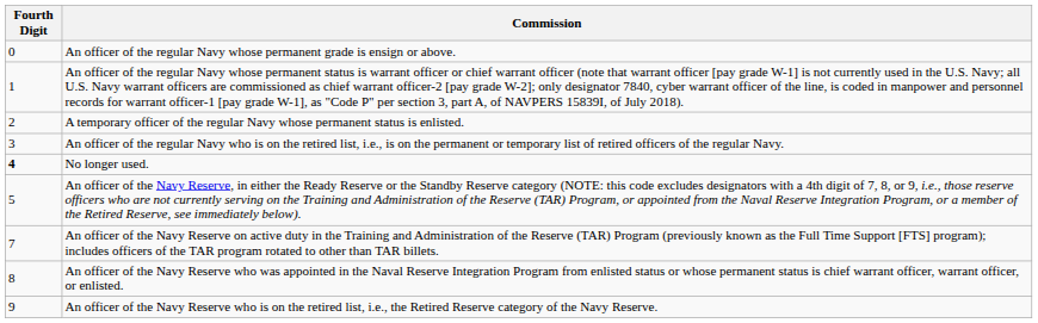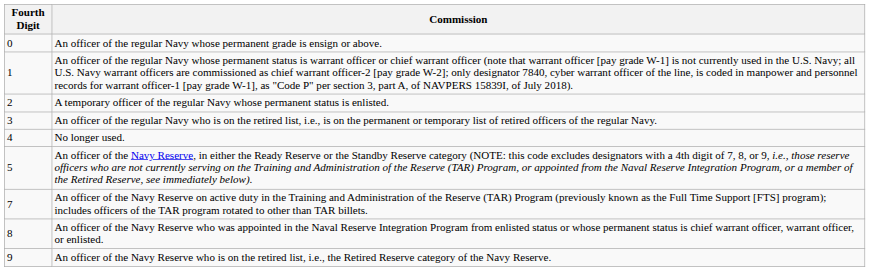 <table class="wikitable">
 <tr>
 <th>Fourth Digit</th>
 <th>Commission</th>
 </tr>
 <tr>
 <td>0</td>
 <td>An officer of the regular Navy whose permanent grade is ensign or above.</td>
 </tr>
 <tr>
 <td>1</td>
 <td>An officer of the regular Navy whose permanent status is warrant officer or chief warrant officer (note that warrant officer [pay grade W-1] is not currently used in the U.S. Navy; all U.S. Navy warrant officers are commissioned as chief warrant officer-2 [pay grade W-2]; only designator 7840, cyber warrant officer of the line, is coded in manpower and personnel records for warrant officer-1 [pay grade W-1], as "Code P" per section 3, part A, of NAVPERS 15839I, of July 2018).</td>
 </tr>
 <tr>
 <td>2</td>
 <td>A temporary officer of the regular Navy whose permanent status is enlisted.</td>
 </tr>
 <tr>
 <td>3</td>
 <td>An officer of the regular Navy who is on the retired list, i.e., is on the permanent or temporary list of retired officers of the regular Navy.</td>
 </tr>
 <tr>
-<td><strong>4</strong></td>
+<td>4</td>
 <td>No longer used.</td>
 </tr>
 <tr>
 <td>5</td>
 <td>An officer of the <a href='#'>Navy Reserve</a>, in either the Ready Reserve or the Standby Reserve category (NOTE: this code excludes designators with a 4th digit of 7, 8, or 9, <em>i.e., those reserve officers who are not currently serving on the Training and Administration of the Reserve (TAR) Program, or appointed from the Naval Reserve Integration Program, or a member of the Retired Reserve, see immediately below).</em></td>
 </tr>
 <tr>
 <td>7</td>
 <td>An officer of the Navy Reserve on active duty in the Training and Administration of the Reserve (TAR) Program (previously known as the Full Time Support [FTS] program); includes officers of the TAR program rotated to other than TAR billets.</td>
 </tr>
 <tr>
 <td>8</td>
 <td>An officer of the Navy Reserve who was appointed in the Naval Reserve Integration Program from enlisted status or whose permanent status is chief warrant officer, warrant officer, or enlisted.</td>
 </tr>
 <tr>
 <td>9</td>
 <td>An officer of the Navy Reserve who is on the retired list, i.e., the Retired Reserve category of the Navy Reserve.</td>
 </tr>
 </table>
